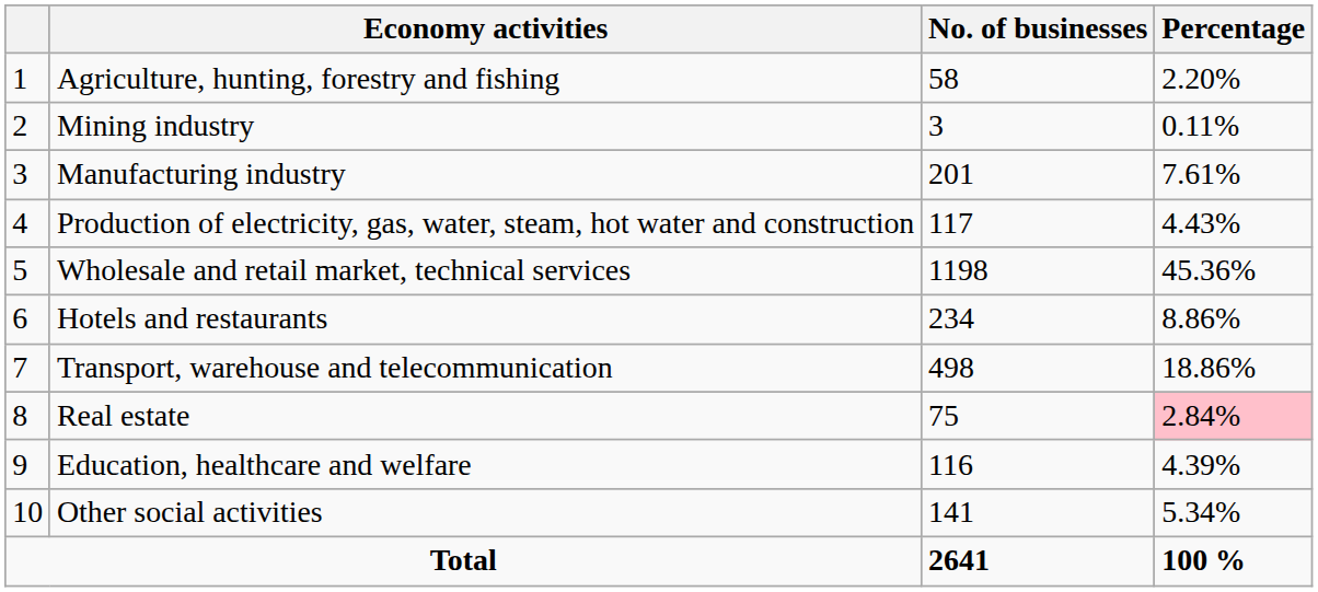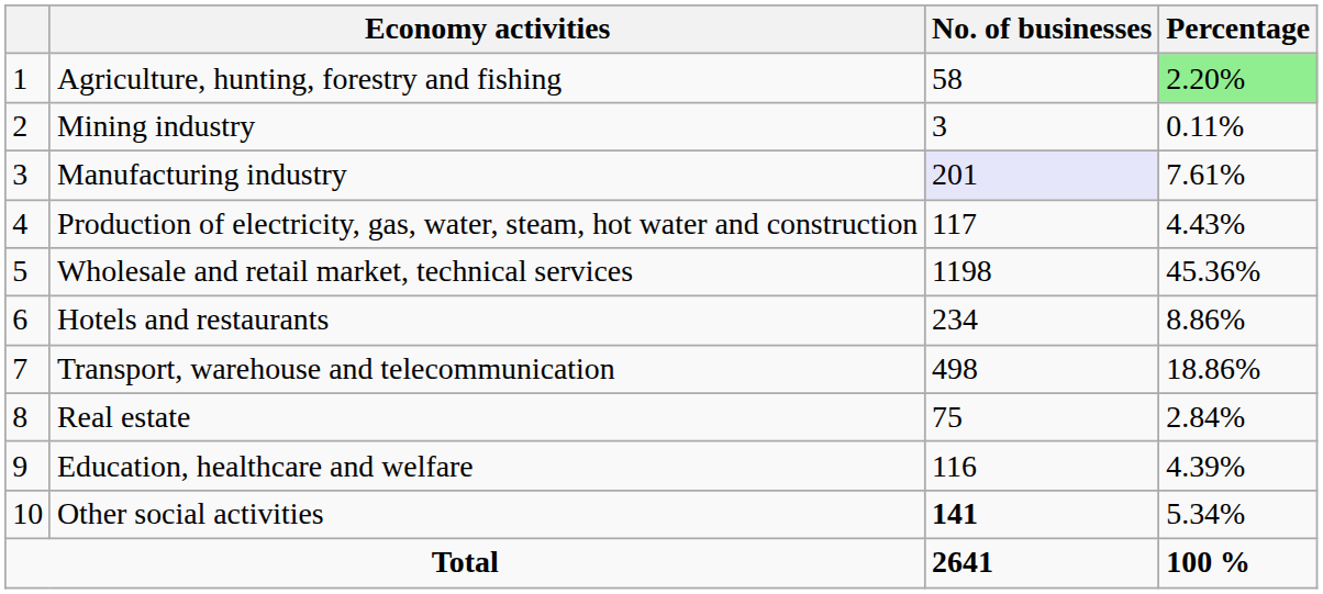 <table class="wikitable">
 <tr>
 <th></th>
 <th>Economy activities</th>
 <th>No. of businesses</th>
 <th>Percentage</th>
 </tr>
 <tr>
 <td>1</td>
 <td>Agriculture, hunting, forestry and fishing</td>
 <td>58</td>
-<td>2.20%</td>
+<td style="background: lightgreen;">2.20%</td>
 </tr>
 <tr>
 <td>2</td>
 <td>Mining industry</td>
 <td>3</td>
 <td>0.11%</td>
 </tr>
 <tr>
 <td>3</td>
 <td>Manufacturing industry</td>
-<td>201</td>
+<td style="background: lavender;">201</td>
 <td>7.61%</td>
 </tr>
 <tr>
 <td>4</td>
 <td>Production of electricity, gas, water, steam, hot water and construction</td>
 <td>117</td>
 <td>4.43%</td>
 </tr>
 <tr>
 <td>5</td>
 <td>Wholesale and retail market, technical services</td>
 <td>1198</td>
 <td>45.36%</td>
 </tr>
 <tr>
 <td>6</td>
 <td>Hotels and restaurants</td>
 <td>234</td>
 <td>8.86%</td>
 </tr>
 <tr>
 <td>7</td>
 <td>Transport, warehouse and telecommunication</td>
 <td>498</td>
 <td>18.86%</td>
 </tr>
 <tr>
 <td>8</td>
 <td>Real estate</td>
 <td>75</td>
-<td style="background: pink;">2.84%</td>
+<td>2.84%</td>
 </tr>
 <tr>
 <td>9</td>
 <td>Education, healthcare and welfare</td>
 <td>116</td>
 <td>4.39%</td>
 </tr>
 <tr>
 <td>10</td>
 <td>Other social activities</td>
-<td>141</td>
+<td><strong>141</strong></td>
 <td>5.34%</td>
 </tr>
 <tr>
 <td colspan="2" style="text-align: center;"><strong>Total</strong></td>
 <td><strong>2641</strong></td>
 <td><strong>100 %</strong></td>
 </tr>
 </table>
